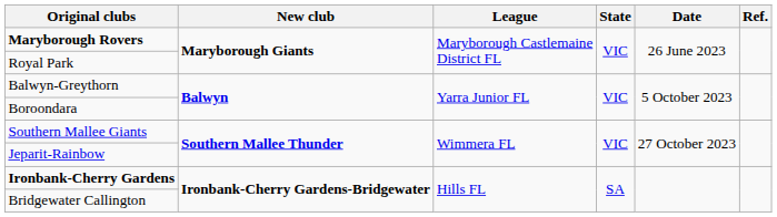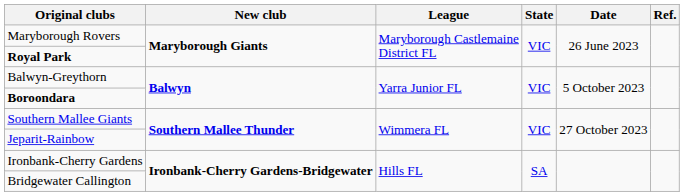 <table class="wikitable" style=text-align:center>
 <tr>
 <th>Original clubs</th>
 <th>New club</th>
 <th>League</th>
 <th>State</th>
 <th>Date</th>
 <th>Ref.</th>
 </tr>
 <tr>
-<td align=left><strong> Maryborough Rovers</strong></td>
+<td align=left> Maryborough Rovers</td>
 <td rowspan=2; align=left> <strong>Maryborough Giants</strong></td>
 <td rowspan=2; align=left><a href='#'>Maryborough Castlemaine <br> District FL</a></td>
 <td rowspan=2><a href='#'>VIC</a></td>
 <td align=left; rowspan=2>26 June 2023</td>
 <td rowspan=2></td>
 </tr>
 <tr>
-<td align=left> Royal Park</td>
+<td align=left><strong> Royal Park</strong></td>
 </tr>
 <tr>
 <td align=left> Balwyn-Greythorn</td>
 <td rowspan=2; align=left> <strong><a href='#'>Balwyn</a></strong></td>
 <td rowspan=2; align=left><a href='#'>Yarra Junior FL</a></td>
 <td rowspan=2><a href='#'>VIC</a></td>
 <td align=left; rowspan=2>5 October 2023</td>
 <td rowspan=2></td>
 </tr>
 <tr>
-<td align=left> Boroondara</td>
+<td align=left><strong> Boroondara</strong></td>
 </tr>
 <tr>
 <td align=left> <a href='#'>Southern Mallee Giants</a></td>
 <td rowspan=2; align=left> <strong><a href='#'>Southern Mallee Thunder</a></strong></td>
 <td rowspan=2; align=left><a href='#'>Wimmera FL</a></td>
 <td rowspan=2><a href='#'>VIC</a></td>
 <td align=left; rowspan=2>27 October 2023</td>
 <td rowspan=2></td>
 </tr>
 <tr>
 <td align=left> <a href='#'>Jeparit-Rainbow</a></td>
 </tr>
 <tr>
-<td align=left><strong> Ironbank-Cherry Gardens</strong></td>
+<td align=left> Ironbank-Cherry Gardens</td>
 <td rowspan=2; align=left> <strong>Ironbank-Cherry Gardens-Bridgewater</strong></td>
 <td rowspan=2; align=left><a href='#'>Hills FL</a></td>
 <td rowspan="2"><a href='#'>SA</a></td>
 <td rowspan="2"></td>
 <td rowspan="2"></td>
 </tr>
 <tr>
 <td align=left> Bridgewater Callington</td>
 </tr>
 </table>
